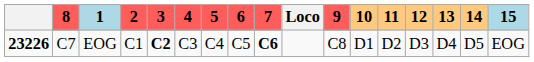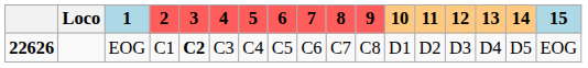 <table class="wikitable plainrowheaders unsortable" style="text-align:center">
 <tr>
 <th></th>
-<th rowspan="1" scope="col" style="background:#FF5C5C ;">8</th>
+<th>Loco</th>
 <th rowspan="1" scope="col" style="background:lightblue;">1</th>
 <th rowspan="1" scope="col" style="background:#FF5C5C ;">2</th>
 <th rowspan="1" scope="col" style="background:#FF5C5C ;">3</th>
 <th rowspan="1" scope="col" style="background:#FF5C5C ;">4</th>
 <th rowspan="1" scope="col" style="background:#FF5C5C ;">5</th>
 <th rowspan="1" scope="col" style="background:#FF5C5C ;">6</th>
 <th rowspan="1" scope="col" style="background:#FF5C5C ;">7</th>
-<th>Loco</th>
+<th rowspan="1" scope="col" style="background:#FF5C5C ;">8</th>
 <th rowspan="1" scope="col" style="background:#FF5C5C ;">9</th>
 <th rowspan="1" scope="col" style="background:#FFC97F ;">10</th>
 <th rowspan="1" scope="col" style="background:#FFC97F ;">11</th>
 <th rowspan="1" scope="col" style="background:#FFC97F ;">12</th>
 <th rowspan="1" scope="col" style="background:#FFC97F ;">13</th>
 <th rowspan="1" scope="col" style="background:#FFC97F ;">14</th>
 <th rowspan="1" scope="col" style="background:lightblue;">15</th>
 </tr>
 <tr>
-<td><strong>23226</strong></td>
-<td>C7</td>
+<td><strong>22626</strong></td>
+<td></td>
 <td>EOG</td>
 <td>C1</td>
 <td><strong>C2</strong></td>
 <td>C3</td>
 <td>C4</td>
 <td>C5</td>
-<td><strong>C6</strong></td>
-<td></td>
+<td>C6</td>
+<td>C7</td>
 <td>C8</td>
 <td>D1</td>
 <td>D2</td>
 <td>D3</td>
 <td>D4</td>
 <td>D5</td>
 <td>EOG</td>
 </tr>
 </table>
